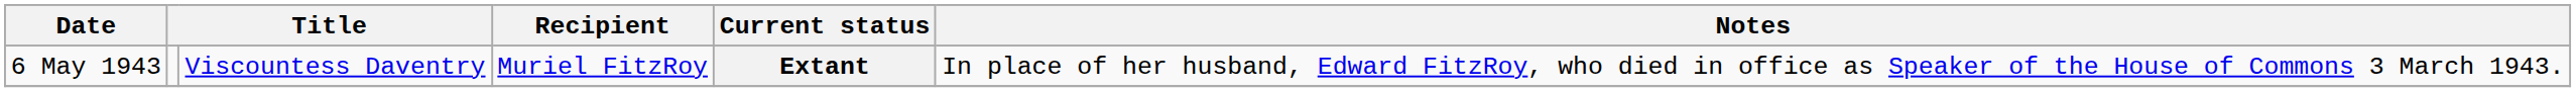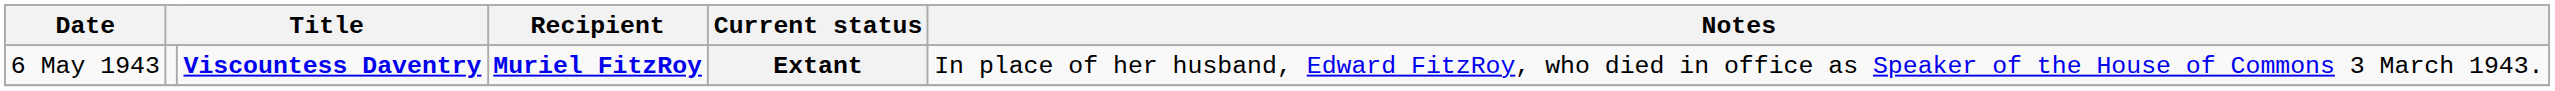 <table class="wikitable">
 <tr>
 <th>Date</th>
 <th colspan=2>Title</th>
 <th>Recipient</th>
 <th>Current status</th>
 <th>Notes</th>
 </tr>
 <tr>
 <td>6 May 1943</td>
 <td></td>
-<td><a href='#'>Viscountess Daventry</a></td>
-<td><a href='#'>Muriel FitzRoy</a></td>
+<td><strong><a href='#'>Viscountess Daventry</a></strong></td>
+<td><strong><a href='#'>Muriel FitzRoy</a></strong></td>
 <th>Extant</th>
 <td>In place of her husband, <a href='#'>Edward FitzRoy</a>, who died in office as <a href='#'>Speaker of the House of Commons</a> 3 March 1943.</td>
 </tr>
 <tr>
 </tr>
 </table>
